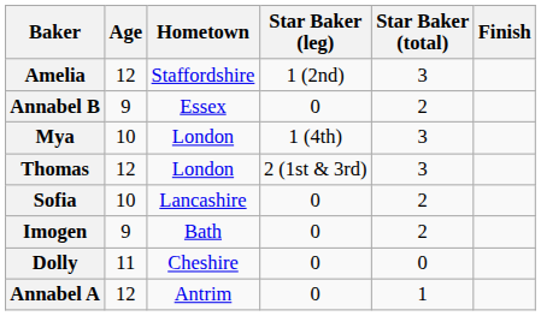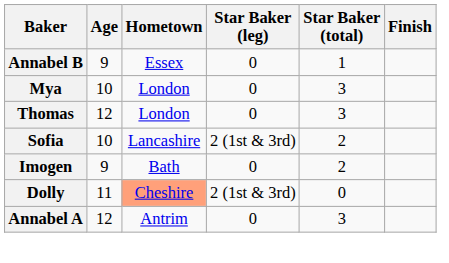 <table class="wikitable sortable" style="text-align:center">
 <tr>
 <th scope="col">Baker</th>
 <th scope="col">Age</th>
 <th scope="col">Hometown</th>
 <th scope="col">Star Baker<br>(leg)</th>
 <th scope="col">Star Baker<br>(total)</th>
 <th scope="col">Finish</th>
 </tr>
 <tr>
-<th scope="row">Amelia</th>
-<td>12</td>
-<td><a href='#'>Staffordshire</a></td>
-<td>1 (2nd)</td>
-<td>3</td>
-<td></td>
-</tr>
-<tr>
 <th scope="row">Annabel B</th>
 <td>9</td>
 <td><a href='#'>Essex</a></td>
 <td>0</td>
-<td>2</td>
+<td>1</td>
 <td></td>
 </tr>
 <tr>
 <th scope="row">Mya</th>
 <td>10</td>
 <td><a href='#'>London</a></td>
-<td>1 (4th)</td>
+<td>0</td>
 <td>3</td>
 <td></td>
 </tr>
 <tr>
 <th scope="row">Thomas</th>
 <td>12</td>
 <td><a href='#'>London</a></td>
-<td>2 (1st & 3rd)</td>
+<td>0</td>
 <td>3</td>
 <td></td>
 </tr>
 <tr>
 <th scope="row">Sofia</th>
 <td>10</td>
 <td><a href='#'>Lancashire</a></td>
-<td>0</td>
+<td>2 (1st & 3rd)</td>
 <td>2</td>
 <td></td>
 </tr>
 <tr>
 <th scope="row">Imogen</th>
 <td>9</td>
 <td><a href='#'>Bath</a></td>
 <td>0</td>
 <td>2</td>
 <td></td>
 </tr>
 <tr>
 <th scope="row">Dolly</th>
 <td>11</td>
-<td><a href='#'>Cheshire</a></td>
-<td>0</td>
+<td style="background: lightsalmon;"><a href='#'>Cheshire</a></td>
+<td>2 (1st & 3rd)</td>
 <td>0</td>
 <td></td>
 </tr>
 <tr>
 <th scope="row">Annabel A</th>
 <td>12</td>
 <td><a href='#'>Antrim</a></td>
 <td>0</td>
-<td>1</td>
+<td>3</td>
 <td></td>
 </tr>
 </table>
